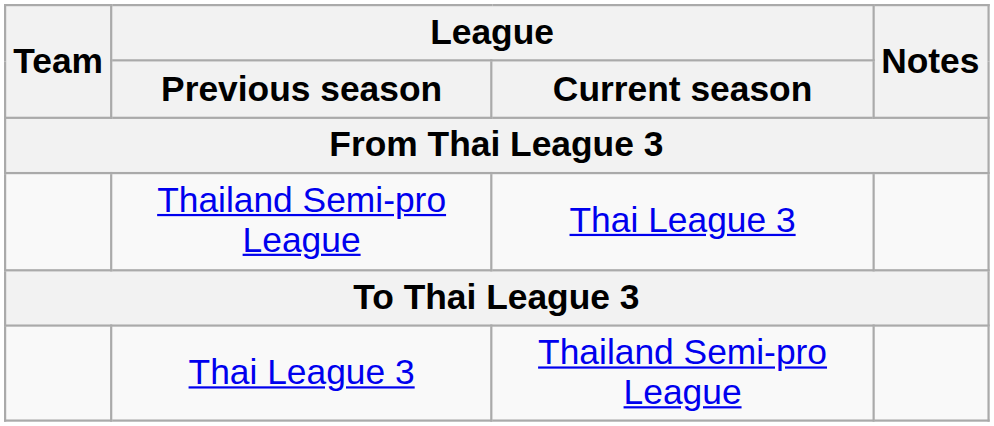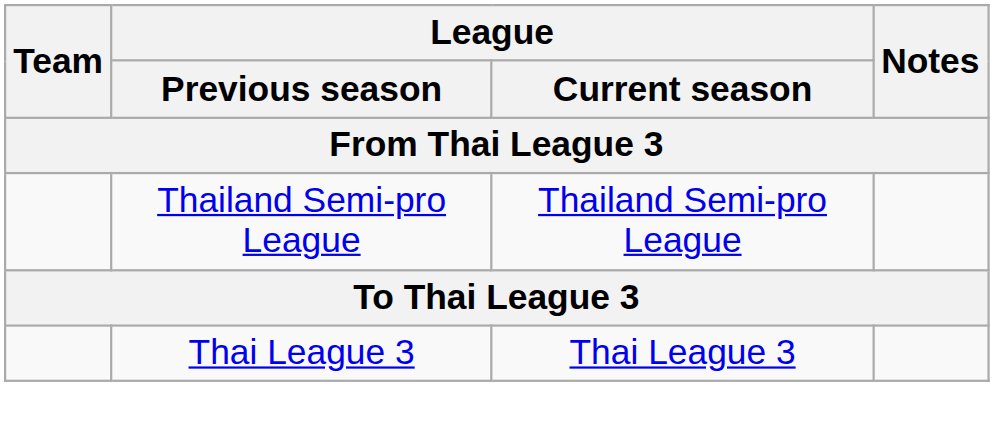 <table class="wikitable" style="text-align:center">
 <tr>
 <th rowspan=2>Team</th>
 <th colspan=2>League</th>
 <th rowspan=2>Notes</th>
 </tr>
 <tr>
 <th width="165">Previous season</th>
 <th width="165">Current season</th>
 </tr>
 <tr>
 <th colspan=4>From Thai League 3</th>
 </tr>
 <tr>
 <td align="left"></td>
 <td><a href='#'>Thailand Semi-pro League</a></td>
-<td><a href='#'>Thai League 3</a></td>
+<td><a href='#'>Thailand Semi-pro League</a></td>
 <td></td>
 </tr>
 <tr>
 <th colspan=4>To Thai League 3</th>
 </tr>
 <tr>
 <td align="left"></td>
 <td><a href='#'>Thai League 3</a></td>
-<td><a href='#'>Thailand Semi-pro League</a></td>
+<td><a href='#'>Thai League 3</a></td>
 <td></td>
 </tr>
 </table>
